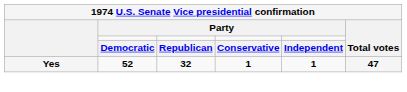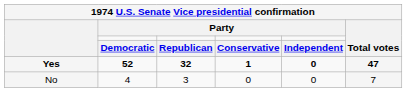 <table class=wikitable style="text-align:center">
 <tr>
 <th colspan=6 style="background:#f5f5f5">1974 <a href='#'>U.S. Senate</a> <a href='#'>Vice presidential</a> confirmation</th>
 </tr>
 <tr style="vertical-align:bottom;">
 <th rowspan=3 style="width: 9em;"><br></th>
 <th colspan=4>Party</th>
 <th rowspan=3>Total votes</th>
 </tr>
 <tr style="height:5px">
 <td style="background-color:"></td>
 <td style="background-color:"></td>
 <td style="background-color:"></td>
 <td style="background-color:"></td>
 </tr>
 <tr style="vertical-align:bottom;">
 <th><a href='#'>Democratic</a></th>
 <th><a href='#'>Republican</a></th>
 <th><a href='#'>Conservative</a></th>
 <th><a href='#'>Independent</a></th>
 </tr>
 <tr>
 <td style="background:#f5f5f5"><strong>Yes</strong></td>
 <td><strong>52</strong></td>
 <td><strong>32</strong></td>
 <td><strong>1</strong></td>
-<td><strong>1</strong></td>
+<td><strong>0</strong></td>
 <td style="background:#f5f5f5"><strong>47</strong></td>
 </tr>
+<tr>
+<td style="background:#f5f5f5">No</td>
+<td>4</td>
+<td>3</td>
+<td>0</td>
+<td>0</td>
+<td style="background:#f5f5f5">7</td>
+</tr>
 </table>
